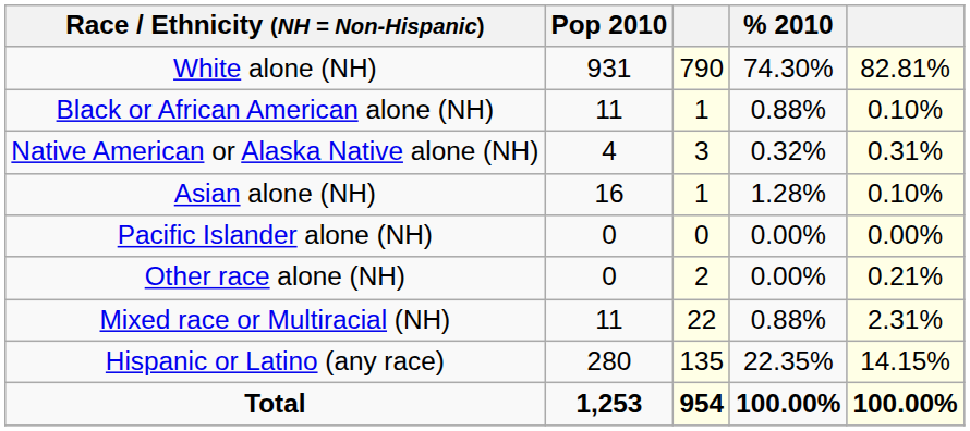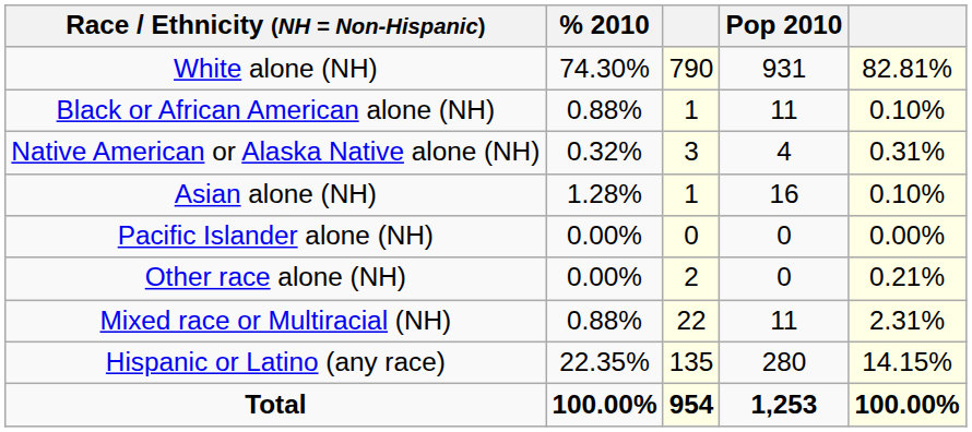 <table class="wikitable" style="text-align:center;">
 <tr>
 <th>Race / Ethnicity <small>(<em>NH = Non-Hispanic</em>)</small></th>
+<th>% 2010</th>
+<th></th>
 <th>Pop 2010</th>
-<th></th>
-<th>% 2010</th>
 <th></th>
 </tr>
 <tr>
 <td><a href='#'>White</a> alone (NH)</td>
+<td>74.30%</td>
+<td style='background: #ffffe6;'>790</td>
 <td>931</td>
-<td style='background: #ffffe6;'>790</td>
-<td>74.30%</td>
 <td style='background: #ffffe6;'>82.81%</td>
 </tr>
 <tr>
 <td><a href='#'>Black or African American</a> alone (NH)</td>
+<td>0.88%</td>
+<td style='background: #ffffe6;'>1</td>
 <td>11</td>
-<td style='background: #ffffe6;'>1</td>
-<td>0.88%</td>
 <td style='background: #ffffe6;'>0.10%</td>
 </tr>
 <tr>
 <td><a href='#'>Native American</a> or <a href='#'>Alaska Native</a> alone (NH)</td>
+<td>0.32%</td>
+<td style='background: #ffffe6;'>3</td>
 <td>4</td>
-<td style='background: #ffffe6;'>3</td>
-<td>0.32%</td>
 <td style='background: #ffffe6;'>0.31%</td>
 </tr>
 <tr>
 <td><a href='#'>Asian</a> alone (NH)</td>
+<td>1.28%</td>
+<td style='background: #ffffe6;'>1</td>
 <td>16</td>
-<td style='background: #ffffe6;'>1</td>
-<td>1.28%</td>
 <td style='background: #ffffe6;'>0.10%</td>
 </tr>
 <tr>
 <td><a href='#'>Pacific Islander</a> alone (NH)</td>
+<td>0.00%</td>
+<td style='background: #ffffe6;'>0</td>
 <td>0</td>
-<td style='background: #ffffe6;'>0</td>
-<td>0.00%</td>
 <td style='background: #ffffe6;'>0.00%</td>
 </tr>
 <tr>
 <td><a href='#'>Other race</a> alone (NH)</td>
+<td>0.00%</td>
+<td style='background: #ffffe6;'>2</td>
 <td>0</td>
-<td style='background: #ffffe6;'>2</td>
-<td>0.00%</td>
 <td style='background: #ffffe6;'>0.21%</td>
 </tr>
 <tr>
 <td><a href='#'>Mixed race or Multiracial</a> (NH)</td>
+<td>0.88%</td>
+<td style='background: #ffffe6;'>22</td>
 <td>11</td>
-<td style='background: #ffffe6;'>22</td>
-<td>0.88%</td>
 <td style='background: #ffffe6;'>2.31%</td>
 </tr>
 <tr>
 <td><a href='#'>Hispanic or Latino</a> (any race)</td>
+<td>22.35%</td>
+<td style='background: #ffffe6;'>135</td>
 <td>280</td>
-<td style='background: #ffffe6;'>135</td>
-<td>22.35%</td>
 <td style='background: #ffffe6;'>14.15%</td>
 </tr>
 <tr>
 <td><strong>Total</strong></td>
+<td><strong>100.00%</strong></td>
+<td style='background: #ffffe6;'><strong>954</strong></td>
 <td><strong>1,253</strong></td>
-<td style='background: #ffffe6;'><strong>954</strong></td>
-<td><strong>100.00%</strong></td>
 <td style='background: #ffffe6;'><strong>100.00%</strong></td>
 </tr>
 </table>
